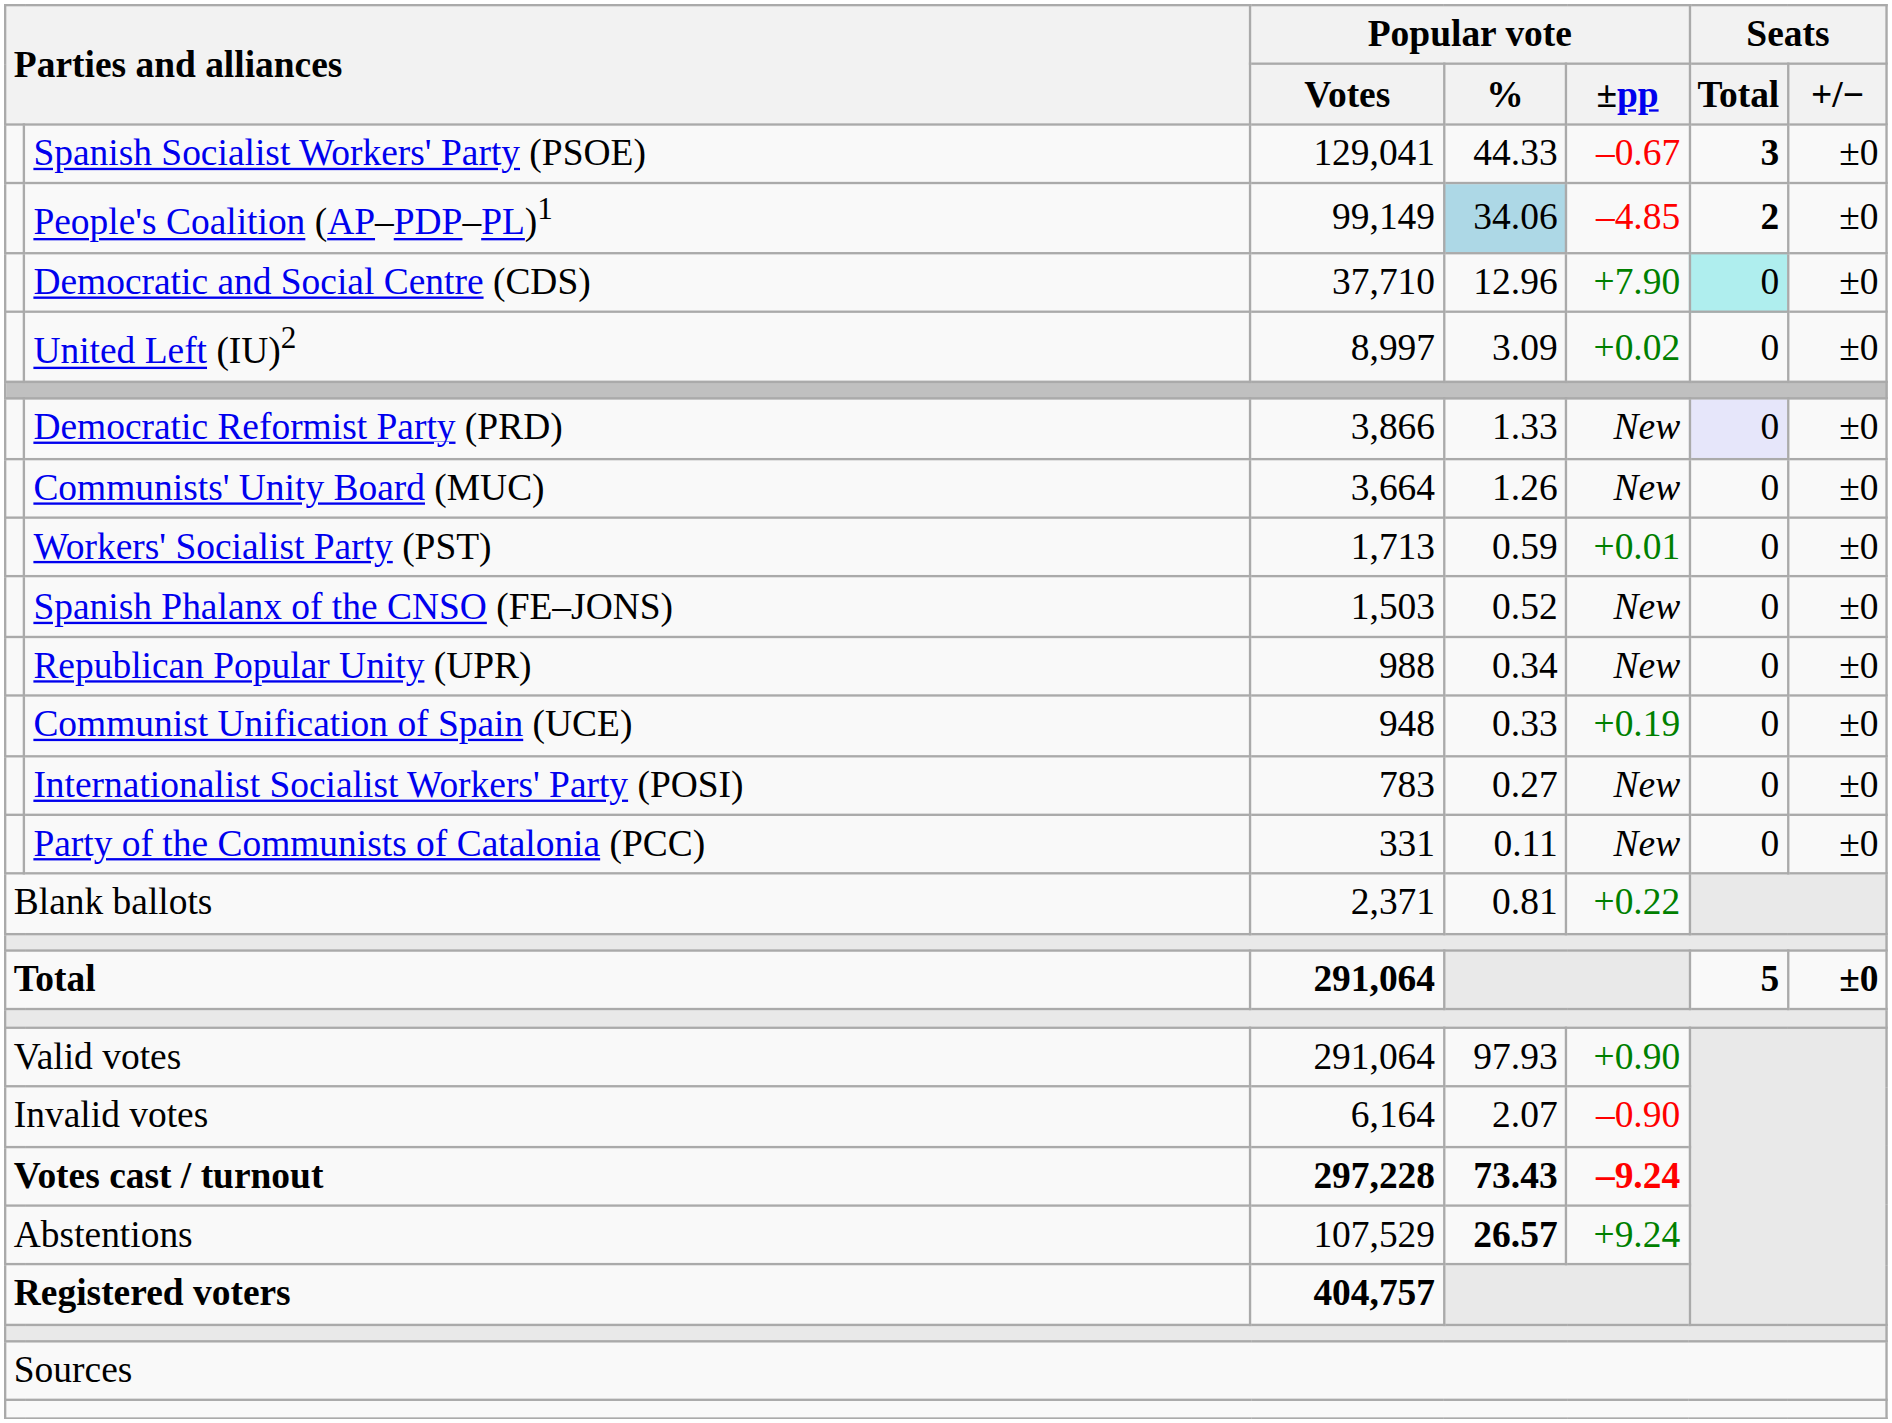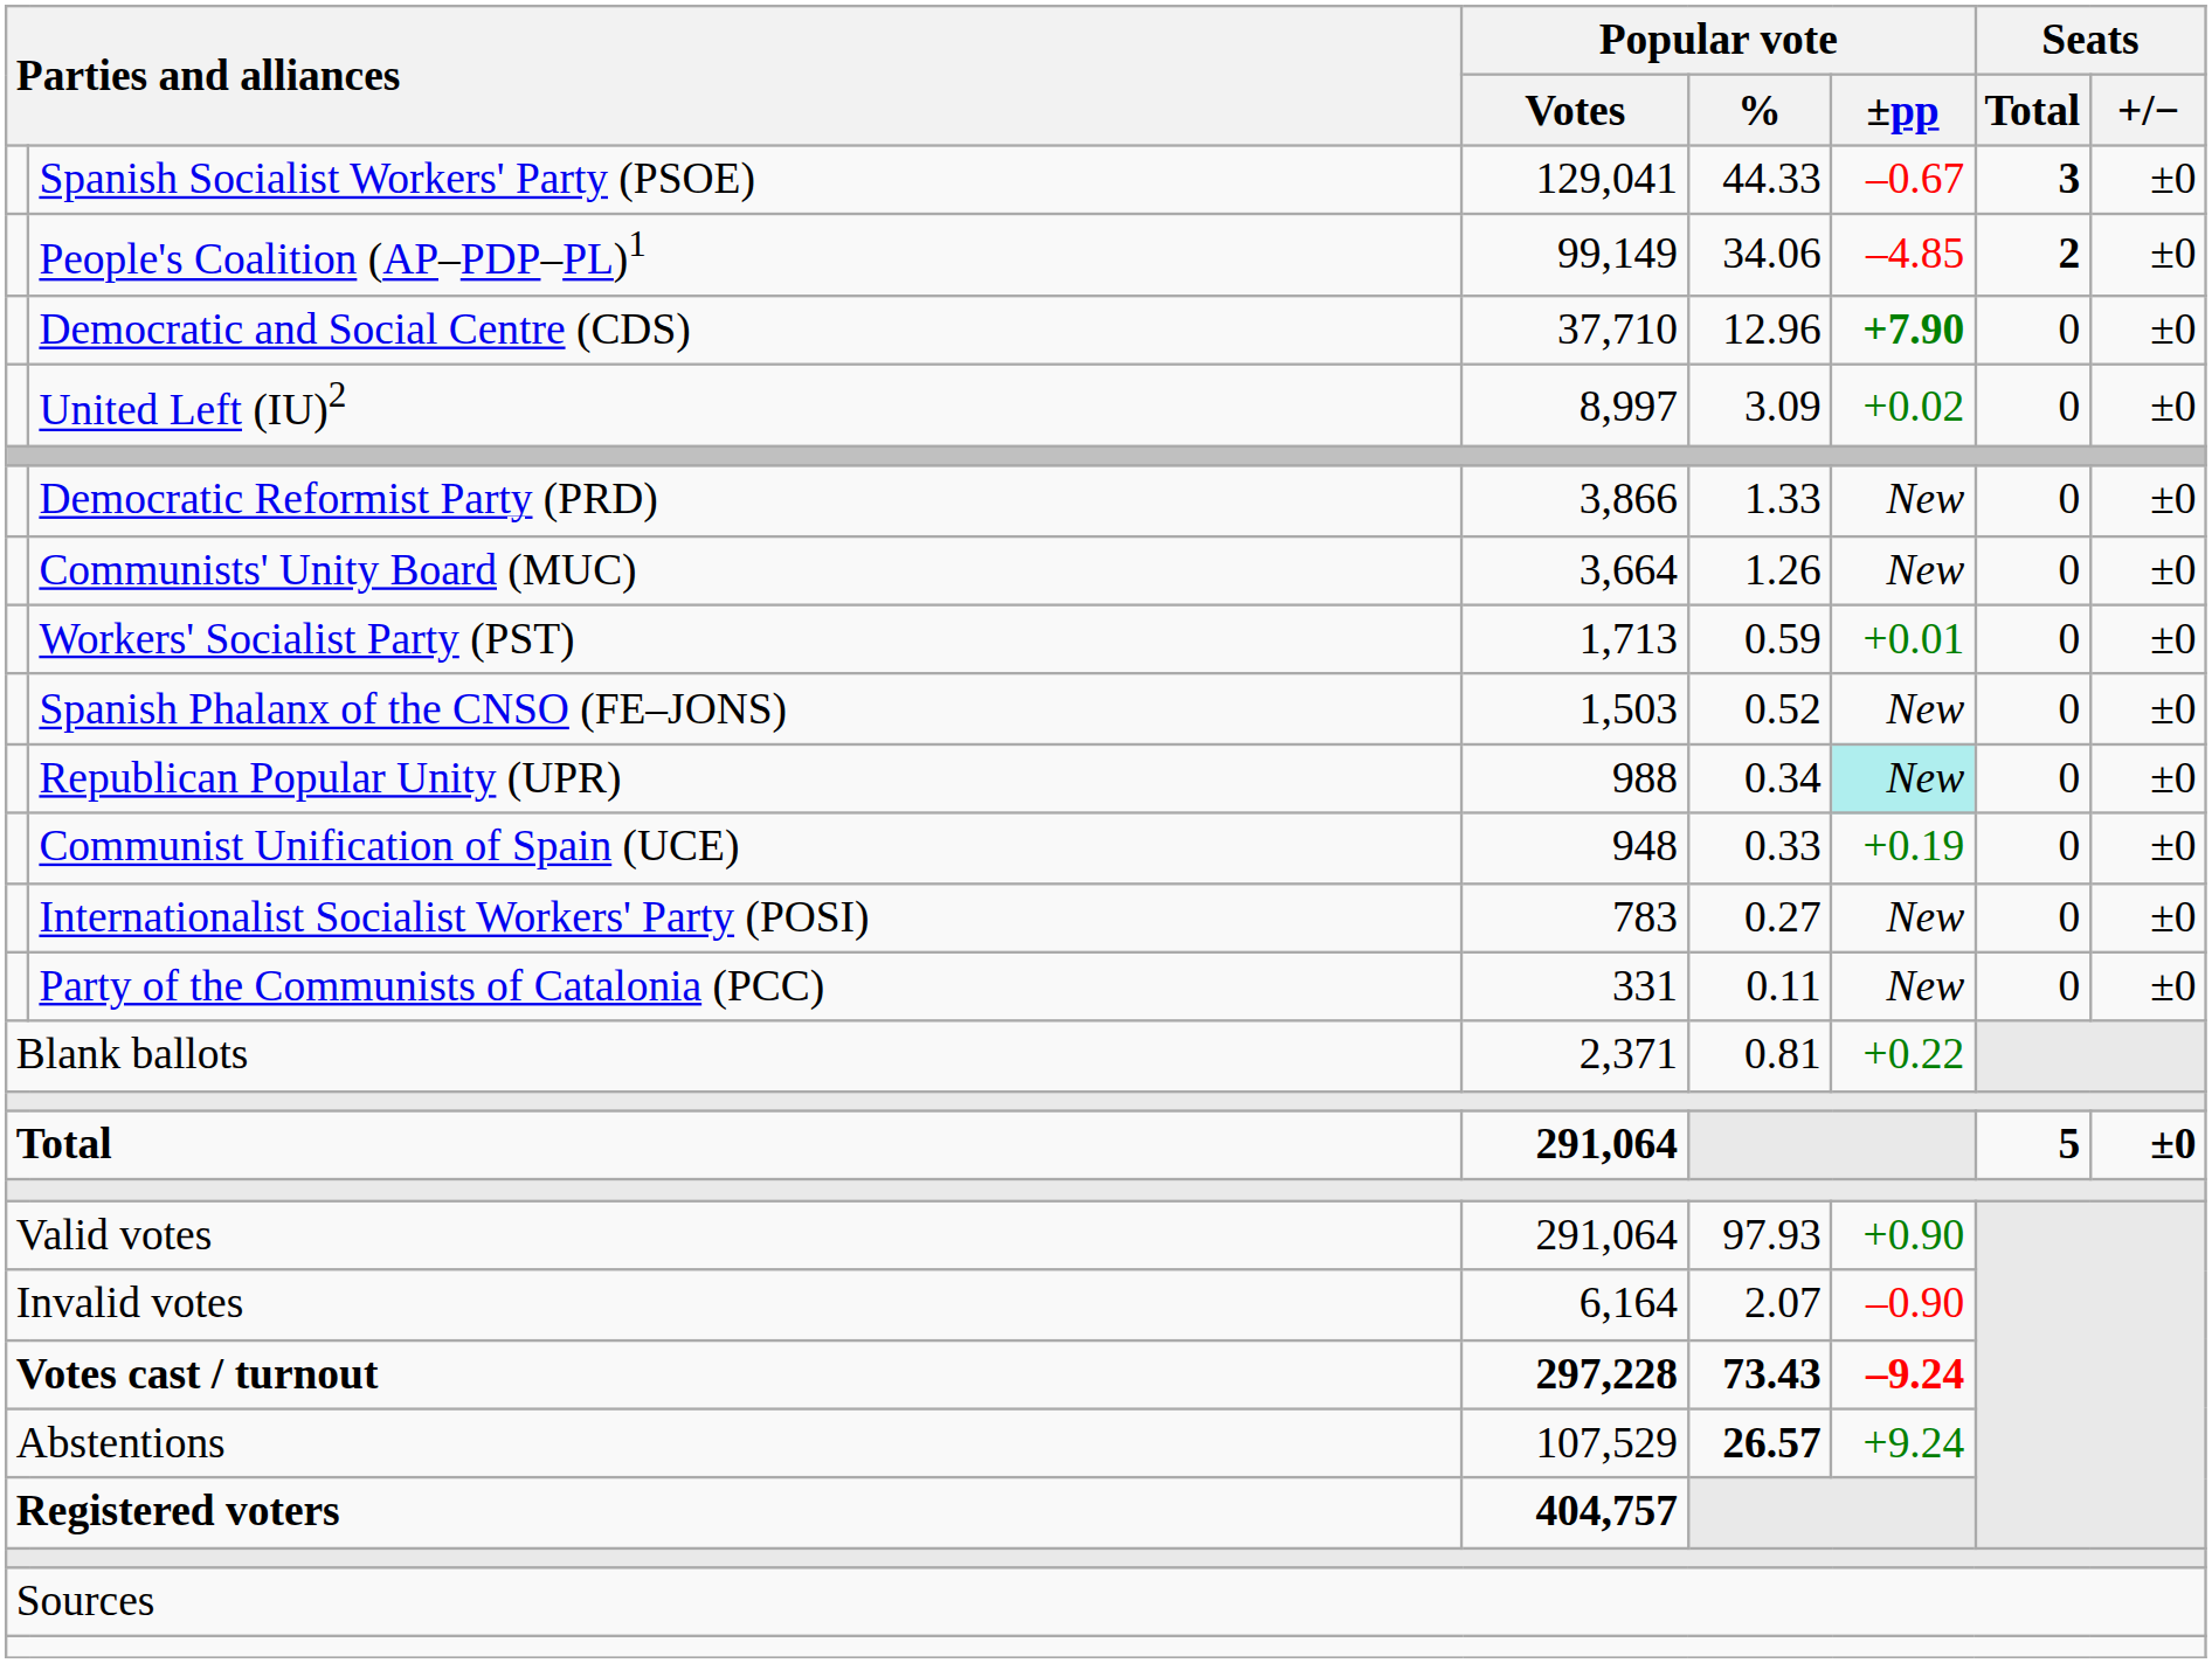 <table class="wikitable" style="text-align:right;">
 <tr>
 <th style="text-align:left;" rowspan="2" colspan="2" width="525">Parties and alliances</th>
 <th colspan="3">Popular vote</th>
 <th colspan="2">Seats</th>
 </tr>
 <tr>
 <th width="75">Votes</th>
 <th width="45">%</th>
 <th width="45">±<a href='#'>pp</a></th>
 <th width="35">Total</th>
 <th width="35">+/−</th>
 </tr>
 <tr>
 <td width="1" style="color:inherit;background:"></td>
 <td align="left"><a href='#'>Spanish Socialist Workers' Party</a> (PSOE)</td>
 <td>129,041</td>
 <td>44.33</td>
 <td style="color:red;">–0.67</td>
 <td><strong>3</strong></td>
 <td>±0</td>
 </tr>
 <tr>
 <td style="color:inherit;background:"></td>
 <td align="left"><a href='#'>People's Coalition</a> (<a href='#'>AP</a>–<a href='#'>PDP</a>–<a href='#'>PL</a>)<sup>1</sup></td>
 <td>99,149</td>
-<td style="background: lightblue;">34.06</td>
+<td>34.06</td>
 <td style="color:red;">–4.85</td>
 <td><strong>2</strong></td>
 <td>±0</td>
 </tr>
 <tr>
 <td style="color:inherit;background:"></td>
 <td align="left"><a href='#'>Democratic and Social Centre</a> (CDS)</td>
 <td>37,710</td>
 <td>12.96</td>
-<td style="color:green;">+7.90</td>
-<td style="background: paleturquoise;">0</td>
+<td style="color:green;"><strong>+7.90</strong></td>
+<td>0</td>
 <td>±0</td>
 </tr>
 <tr>
 <td style="color:inherit;background:"></td>
 <td align="left"><a href='#'>United Left</a> (IU)<sup>2</sup></td>
 <td>8,997</td>
 <td>3.09</td>
 <td style="color:green;">+0.02</td>
 <td>0</td>
 <td>±0</td>
 </tr>
 <tr>
 <td colspan="7" bgcolor="#C0C0C0"></td>
 </tr>
 <tr>
 <td style="color:inherit;background:"></td>
 <td align="left"><a href='#'>Democratic Reformist Party</a> (PRD)</td>
 <td>3,866</td>
 <td>1.33</td>
 <td><em>New</em></td>
-<td style="background: lavender;">0</td>
+<td>0</td>
 <td>±0</td>
 </tr>
 <tr>
 <td style="color:inherit;background:"></td>
 <td align="left"><a href='#'>Communists' Unity Board</a> (MUC)</td>
 <td>3,664</td>
 <td>1.26</td>
 <td><em>New</em></td>
 <td>0</td>
 <td>±0</td>
 </tr>
 <tr>
 <td style="color:inherit;background:"></td>
 <td align="left"><a href='#'>Workers' Socialist Party</a> (PST)</td>
 <td>1,713</td>
 <td>0.59</td>
 <td style="color:green;">+0.01</td>
 <td>0</td>
 <td>±0</td>
 </tr>
 <tr>
 <td style="color:inherit;background:"></td>
 <td align="left"><a href='#'>Spanish Phalanx of the CNSO</a> (FE–JONS)</td>
 <td>1,503</td>
 <td>0.52</td>
 <td><em>New</em></td>
 <td>0</td>
 <td>±0</td>
 </tr>
 <tr>
 <td style="color:inherit;background:"></td>
 <td align="left"><a href='#'>Republican Popular Unity</a> (UPR)</td>
 <td>988</td>
 <td>0.34</td>
-<td><em>New</em></td>
+<td style="background: paleturquoise;"><em>New</em></td>
 <td>0</td>
 <td>±0</td>
 </tr>
 <tr>
 <td style="color:inherit;background:"></td>
 <td align="left"><a href='#'>Communist Unification of Spain</a> (UCE)</td>
 <td>948</td>
 <td>0.33</td>
 <td style="color:green;">+0.19</td>
 <td>0</td>
 <td>±0</td>
 </tr>
 <tr>
 <td style="color:inherit;background:"></td>
 <td align="left"><a href='#'>Internationalist Socialist Workers' Party</a> (POSI)</td>
 <td>783</td>
 <td>0.27</td>
 <td><em>New</em></td>
 <td>0</td>
 <td>±0</td>
 </tr>
 <tr>
 <td style="color:inherit;background:"></td>
 <td align="left"><a href='#'>Party of the Communists of Catalonia</a> (PCC)</td>
 <td>331</td>
 <td>0.11</td>
 <td><em>New</em></td>
 <td>0</td>
 <td>±0</td>
 </tr>
 <tr>
 <td align="left" colspan="2">Blank ballots</td>
 <td>2,371</td>
 <td>0.81</td>
 <td style="color:green;">+0.22</td>
 <td bgcolor="#E9E9E9" colspan="2"></td>
 </tr>
 <tr>
 <td colspan="7" bgcolor="#E9E9E9"></td>
 </tr>
 <tr style="font-weight:bold;">
 <td align="left" colspan="2">Total</td>
 <td>291,064</td>
 <td bgcolor="#E9E9E9" colspan="2"></td>
 <td>5</td>
 <td>±0</td>
 </tr>
 <tr>
 <td colspan="7" bgcolor="#E9E9E9"></td>
 </tr>
 <tr>
 <td align="left" colspan="2">Valid votes</td>
 <td>291,064</td>
 <td>97.93</td>
 <td style="color:green;">+0.90</td>
 <td bgcolor="#E9E9E9" colspan="2" rowspan="5"></td>
 </tr>
 <tr>
 <td align="left" colspan="2">Invalid votes</td>
 <td>6,164</td>
 <td>2.07</td>
 <td style="color:red;">–0.90</td>
 </tr>
 <tr style="font-weight:bold;">
 <td align="left" colspan="2">Votes cast / turnout</td>
 <td>297,228</td>
 <td>73.43</td>
 <td style="color:red;">–9.24</td>
 </tr>
 <tr>
 <td align="left" colspan="2">Abstentions</td>
 <td>107,529</td>
 <td><strong>26.57</strong></td>
 <td style="color:green;">+9.24</td>
 </tr>
 <tr style="font-weight:bold;">
 <td align="left" colspan="2">Registered voters</td>
 <td>404,757</td>
 <td bgcolor="#E9E9E9" colspan="2"></td>
 </tr>
 <tr>
 <td colspan="7" bgcolor="#E9E9E9"></td>
 </tr>
 <tr>
 <td align="left" colspan="7">Sources</td>
 </tr>
 <tr>
 <td colspan="7" style="text-align:left; max-width:790px;"></td>
 </tr>
 </table>
